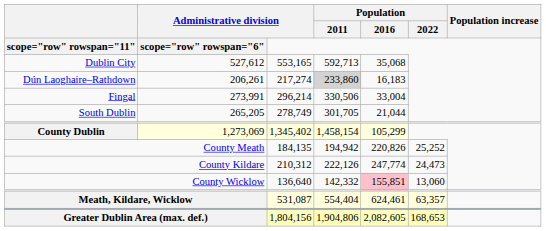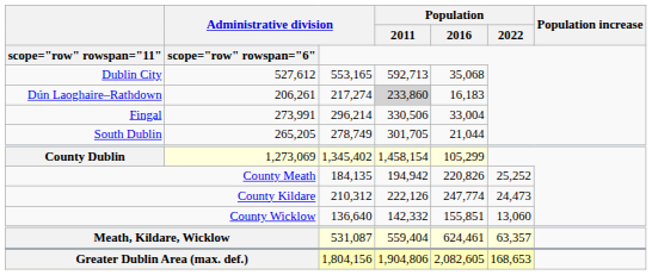 <table class="wikitable" style="text-align:right">
 <tr>
 <th rowspan="2"></th>
 <th colspan="2" rowspan="2" scope="col"><a href='#'>Administrative division</a></th>
 <th colspan="3" scope="col">Population</th>
 <th rowspan="2" scope="col">Population increase<br></th>
 </tr>
 <tr>
 <th scope="col">2011</th>
 <th scope="col">2016</th>
 <th scope="col">2022</th>
 </tr>
 <tr>
 <th>scope="row" rowspan="11" </th>
 <th>scope="row" rowspan="6" </th>
 </tr>
 <tr>
 <td><a href='#'>Dublin City</a></td>
 <td>527,612</td>
 <td>553,165</td>
 <td>592,713</td>
 <td>35,068</td>
 </tr>
 <tr>
 <td><a href='#'>Dún Laoghaire–Rathdown</a></td>
 <td>206,261</td>
 <td>217,274</td>
 <td style="background: lightgrey;">233,860</td>
 <td>16,183</td>
 </tr>
 <tr>
 <td><a href='#'>Fingal</a></td>
 <td>273,991</td>
 <td>296,214</td>
 <td>330,506</td>
 <td>33,004</td>
 </tr>
 <tr>
 <td><a href='#'>South Dublin</a></td>
 <td>265,205</td>
 <td>278,749</td>
 <td>301,705</td>
 <td>21,044</td>
 </tr>
 <tr style="background:#ffd; border-top:3px double #a2a9b1">
 <th scope="row" >County Dublin</th>
 <td>1,273,069</td>
 <td>1,345,402</td>
 <td>1,458,154</td>
 <td>105,299</td>
 </tr>
 <tr>
 <td colspan="2"><a href='#'>County Meath</a></td>
 <td>184,135</td>
 <td>194,942</td>
 <td>220,826</td>
 <td>25,252</td>
 </tr>
 <tr>
 <td colspan="2"><a href='#'>County Kildare</a></td>
 <td>210,312</td>
 <td>222,126</td>
 <td>247,774</td>
 <td>24,473</td>
 </tr>
 <tr>
 <td colspan="2"><a href='#'>County Wicklow</a></td>
 <td>136,640</td>
 <td>142,332</td>
-<td style="background: pink;">155,851</td>
+<td>155,851</td>
 <td>13,060</td>
 </tr>
 <tr style="background:#ffd; border-top:3px double #a2a9b1">
 <th colspan="2" scope="row" >Meath, Kildare, Wicklow</th>
 <td>531,087</td>
-<td>554,404</td>
+<td>559,404</td>
 <td>624,461</td>
 <td>63,357</td>
 </tr>
 <tr style="background:#ffb; border-top:3px solid #a2a9b1">
 <th colspan="2" scope="row" >Greater Dublin Area (max. def.)</th>
 <td>1,804,156</td>
 <td>1,904,806</td>
 <td>2,082,605</td>
 <td>168,653</td>
 </tr>
 </table>
